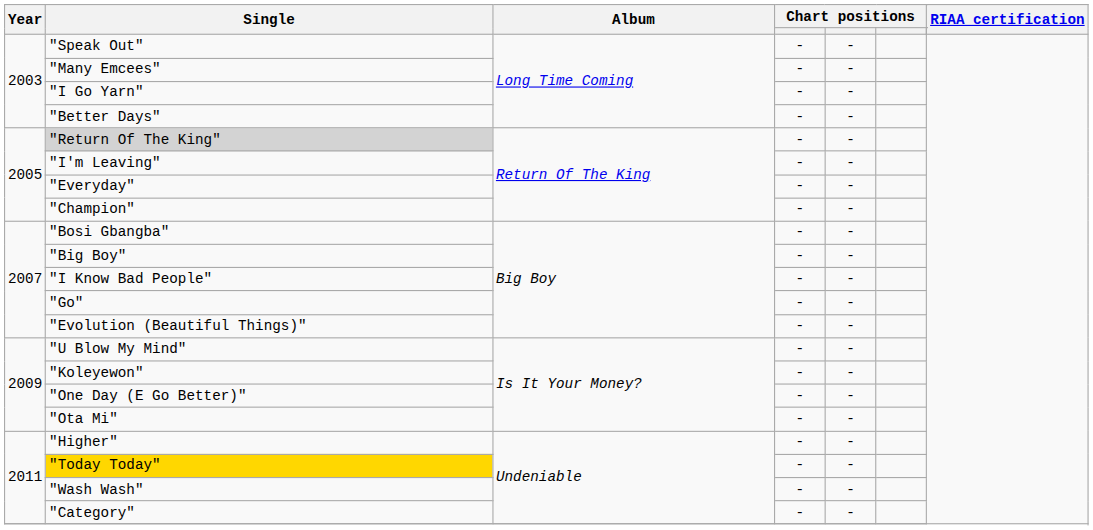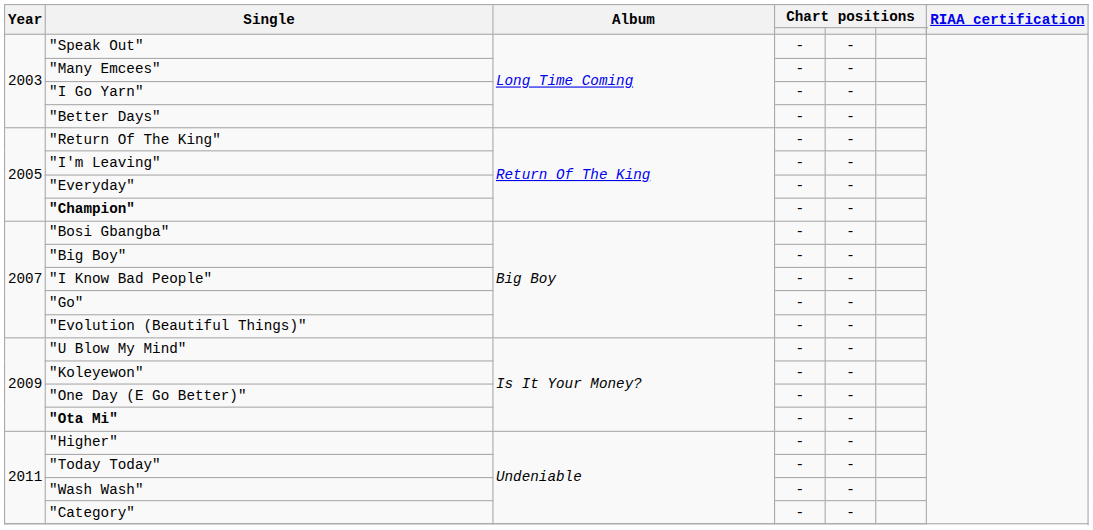 <table class="wikitable">
 <tr>
 <th rowspan="2">Year</th>
 <th rowspan="2" width="400">Single</th>
 <th rowspan="2" width="250">Album</th>
 <th colspan="9">Chart positions</th>
 <th rowspan="2"><a href='#'>RIAA certification</a></th>
 </tr>
 <tr>
 <th width="40"></th>
 <th width="40"></th>
 <th width="40"></th>
 </tr>
 <tr>
 <td align="center" rowspan="4">2003</td>
 <td align="left">"Speak Out"</td>
 <td align="left" rowspan="4"><em><a href='#'>Long Time Coming</a></em></td>
 <td align="center">-</td>
 <td align="center">-</td>
 <td align="center"></td>
 </tr>
 <tr>
 <td align="left">"Many Emcees"</td>
 <td align="center">-</td>
 <td align="center">-</td>
 <td align="center"></td>
 </tr>
 <tr>
 <td align="left">"I Go Yarn"</td>
 <td align="center">-</td>
 <td align="center">-</td>
 <td align="center"></td>
 </tr>
 <tr>
 <td align="left">"Better Days"</td>
 <td align="center">-</td>
 <td align="center">-</td>
 <td align="center"></td>
 </tr>
 <tr>
 <td align="center" rowspan="4">2005</td>
-<td align="left" style="background: lightgrey;">"Return Of The King"</td>
+<td align="left">"Return Of The King"</td>
 <td align="left" rowspan="4"><em><a href='#'>Return Of The King</a></em></td>
 <td align="center">-</td>
 <td align="center">-</td>
 <td align="center"></td>
 </tr>
 <tr>
 <td align="left">"I'm Leaving"</td>
 <td align="center">-</td>
 <td align="center">-</td>
 <td align="center"></td>
 </tr>
 <tr>
 <td align="left">"Everyday"</td>
 <td align="center">-</td>
 <td align="center">-</td>
 <td align="center"></td>
 </tr>
 <tr>
-<td align="left">"Champion"</td>
+<td align="left"><strong>"Champion"</strong></td>
 <td align="center">-</td>
 <td align="center">-</td>
 <td align="center"></td>
 </tr>
 <tr>
 <td align="center" rowspan="5">2007</td>
 <td align="left">"Bosi Gbangba"</td>
 <td align="left" rowspan="5"><em>Big Boy</em></td>
 <td align="center">-</td>
 <td align="center">-</td>
 <td align="center"></td>
 </tr>
 <tr>
 <td align="left">"Big Boy"</td>
 <td align="center">-</td>
 <td align="center">-</td>
 <td align="center"></td>
 </tr>
 <tr>
 <td align="left">"I Know Bad People"</td>
 <td align="center">-</td>
 <td align="center">-</td>
 <td align="center"></td>
 </tr>
 <tr>
 <td align="left">"Go"</td>
 <td align="center">-</td>
 <td align="center">-</td>
 <td align="center"></td>
 </tr>
 <tr>
 <td align="left">"Evolution (Beautiful Things)"</td>
 <td align="center">-</td>
 <td align="center">-</td>
 <td align="center"></td>
 </tr>
 <tr>
 <td align="center" rowspan="4">2009</td>
 <td align="left">"U Blow My Mind"</td>
 <td align="left" rowspan="4"><em>Is It Your Money?</em></td>
 <td align="center">-</td>
 <td align="center">-</td>
 <td align="center"></td>
 </tr>
 <tr>
 <td align="left">"Koleyewon"</td>
 <td align="center">-</td>
 <td align="center">-</td>
 <td align="center"></td>
 </tr>
 <tr>
 <td align="left">"One Day (E Go Better)"</td>
 <td align="center">-</td>
 <td align="center">-</td>
 <td align="center"></td>
 </tr>
 <tr>
-<td align="left">"Ota Mi"</td>
+<td align="left"><strong>"Ota Mi"</strong></td>
 <td align="center">-</td>
 <td align="center">-</td>
 <td align="center"></td>
 </tr>
 <tr>
 <td align="center" rowspan="4">2011</td>
 <td align="left">"Higher"</td>
 <td align="left" rowspan="4"><em>Undeniable</em></td>
 <td align="center">-</td>
 <td align="center">-</td>
 <td align="center"></td>
 </tr>
 <tr>
-<td align="left" style="background: gold;">"Today Today"</td>
+<td align="left">"Today Today"</td>
 <td align="center">-</td>
 <td align="center">-</td>
 <td align="center"></td>
 </tr>
 <tr>
 <td align="left">"Wash Wash"</td>
 <td align="center">-</td>
 <td align="center">-</td>
 <td align="center"></td>
 </tr>
 <tr>
 <td align="left">"Category"</td>
 <td align="center">-</td>
 <td align="center">-</td>
 <td align="center"></td>
 </tr>
 <tr>
 </tr>
 </table>
